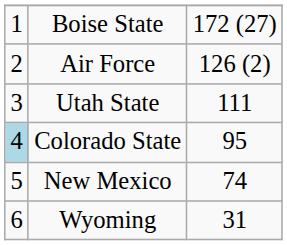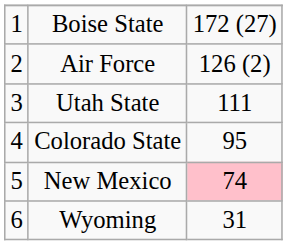 <table class="wikitable" style="display: inline-table;">
 <tr align="center">
 </tr>
 <tr align="center">
 <td>1</td>
 <td>Boise State</td>
 <td>172 (27)</td>
 </tr>
 <tr align="center">
 <td>2</td>
 <td>Air Force</td>
 <td>126 (2)</td>
 </tr>
 <tr align="center">
 <td>3</td>
 <td>Utah State</td>
 <td>111</td>
 </tr>
 <tr align="center">
-<td style="background: lightblue;">4</td>
+<td>4</td>
 <td>Colorado State</td>
 <td>95</td>
 </tr>
 <tr align="center">
 <td>5</td>
 <td>New Mexico</td>
-<td>74</td>
+<td style="background: pink;">74</td>
 </tr>
 <tr align="center">
 <td>6</td>
 <td>Wyoming</td>
 <td>31</td>
 </tr>
 </table>
